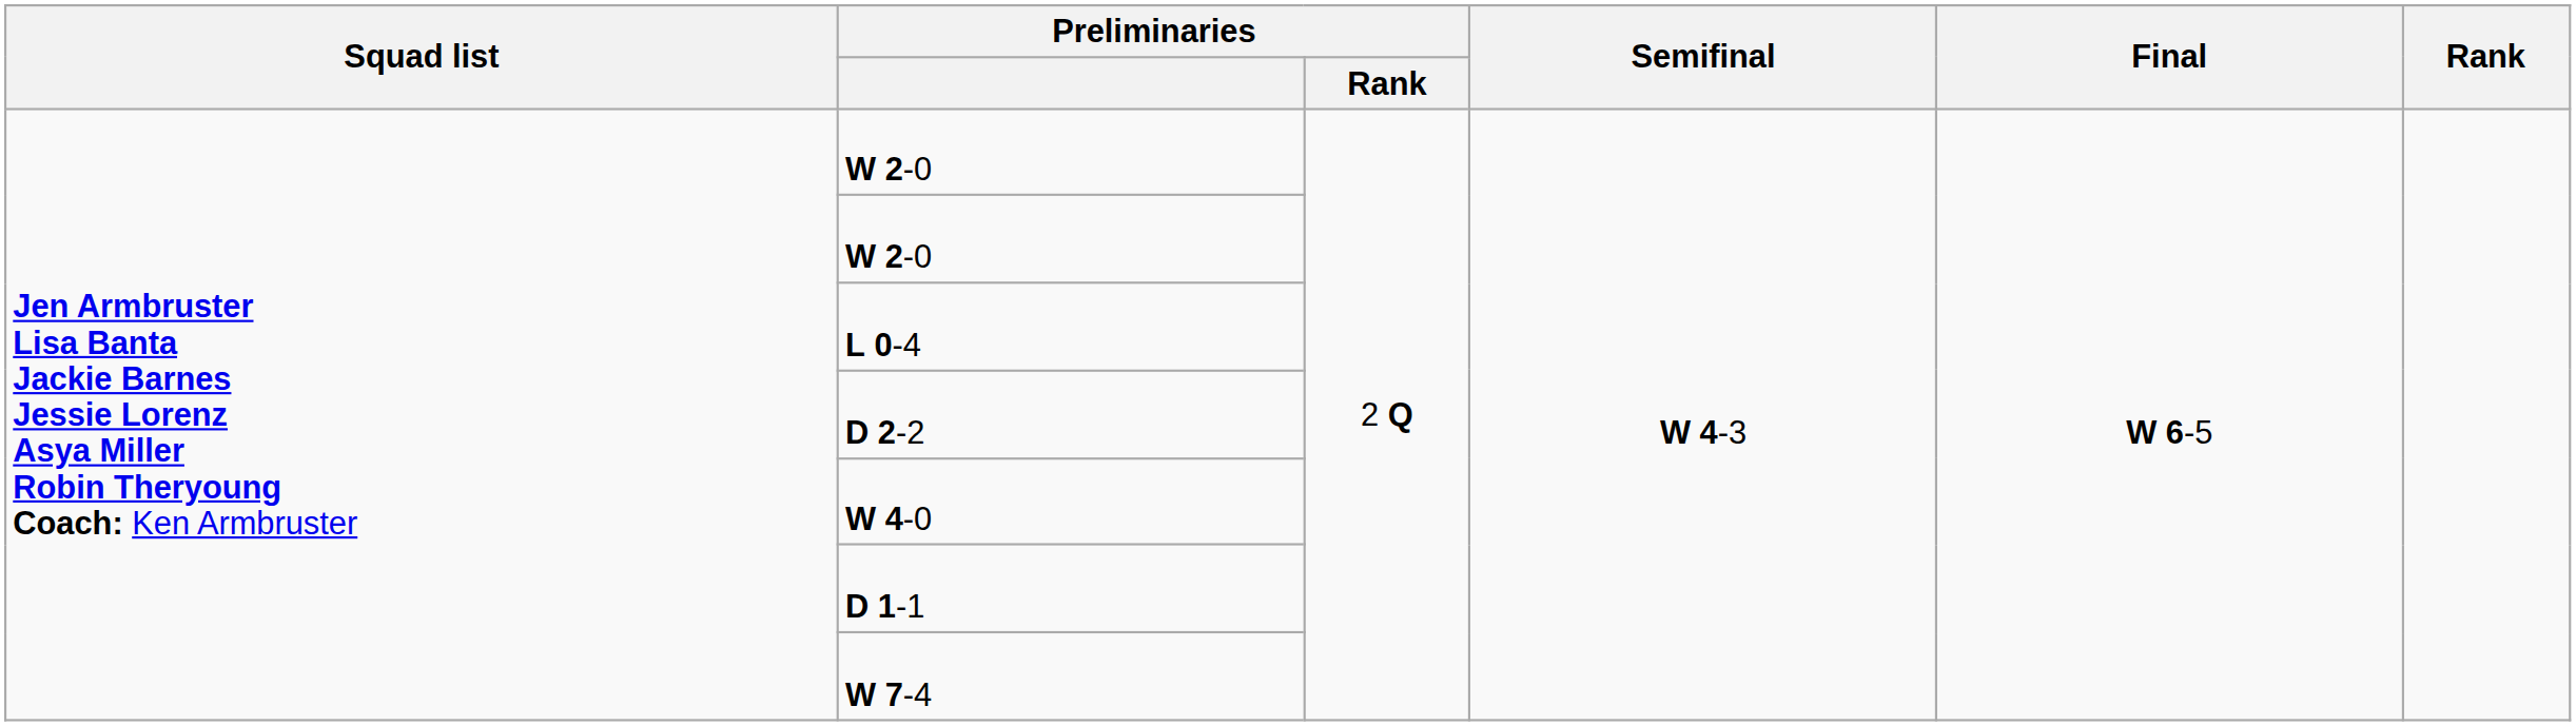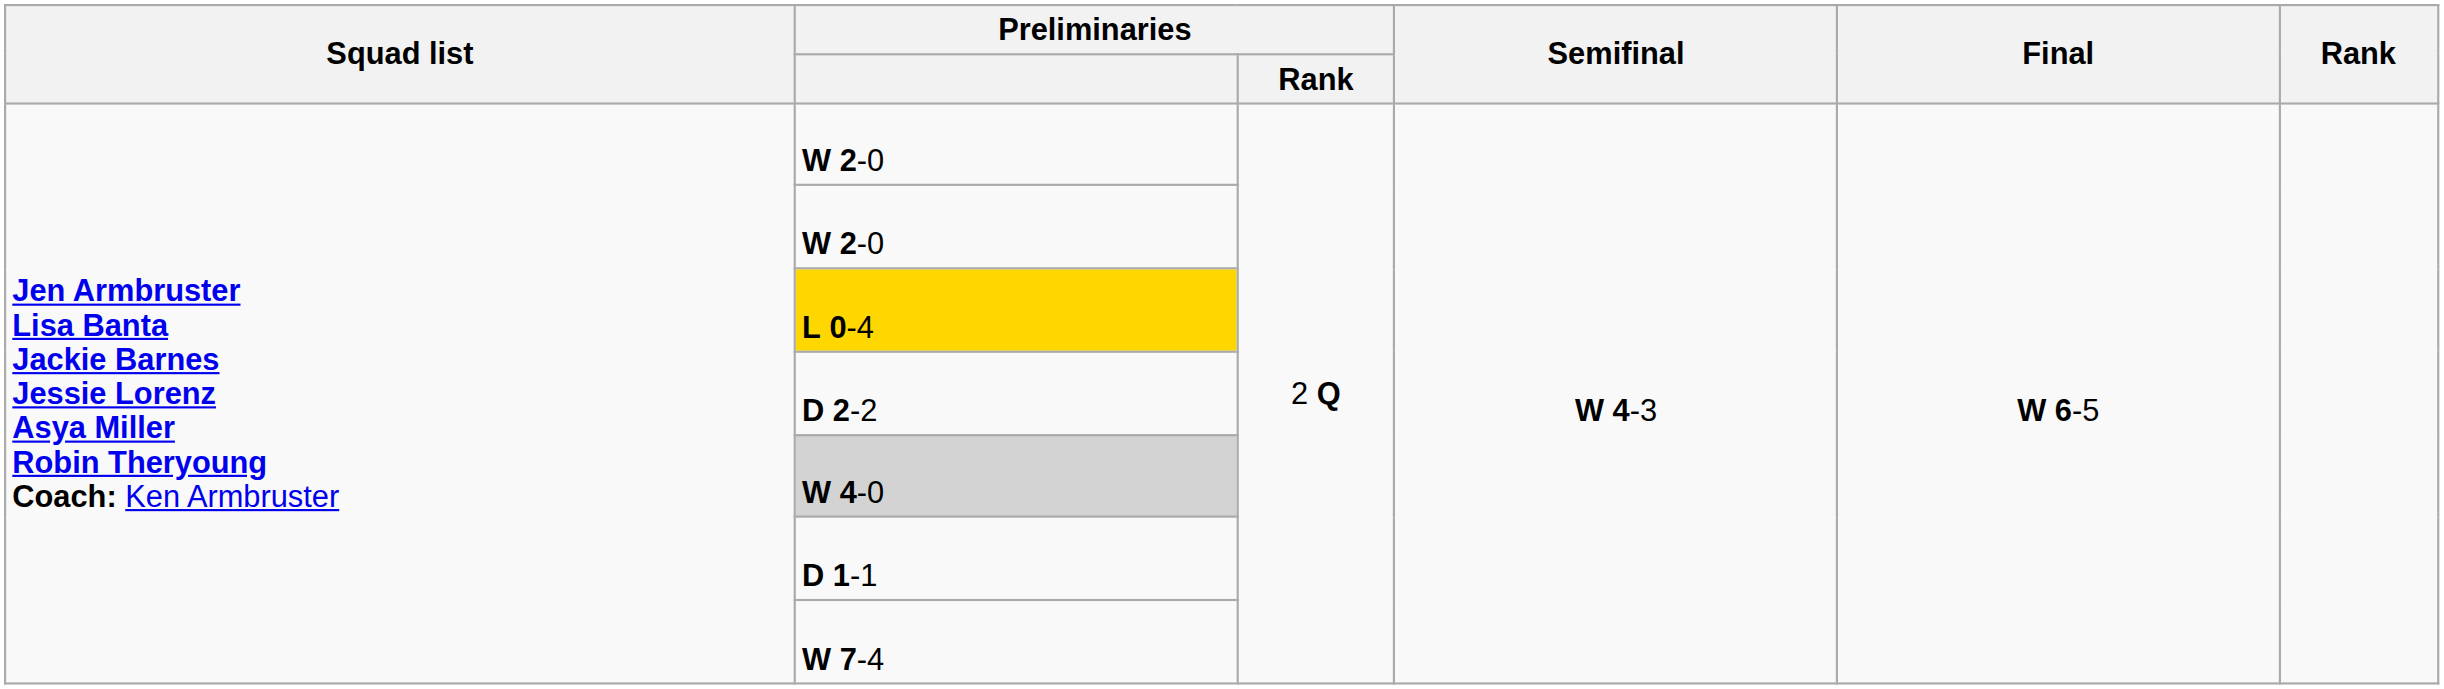 <table class="wikitable" width="90%" style="text-align:left; font-size:90%">
 <tr>
 <th rowspan="2" width="25%">Squad list</th>
 <th colspan="2">Preliminaries</th>
 <th rowspan="2" width="14%">Semifinal</th>
 <th rowspan="2" width="14%">Final</th>
 <th rowspan="2" width="5%">Rank</th>
 </tr>
 <tr>
 <th width="14%"></th>
 <th width="5%">Rank</th>
 </tr>
 <tr>
 <td rowspan="7"><strong><a href='#'>Jen Armbruster</a><br><a href='#'>Lisa Banta</a><br><a href='#'>Jackie Barnes</a><br><a href='#'>Jessie Lorenz</a><br><a href='#'>Asya Miller</a><br><a href='#'>Robin Theryoung</a></strong><br> <strong>Coach:</strong> <a href='#'>Ken Armbruster</a></td>
 <td><br><strong>W</strong> <strong>2</strong>-0</td>
 <td rowspan="7" align=center>2 <strong>Q</strong></td>
 <td rowspan="7" align=center><br><strong>W</strong> <strong>4</strong>-3</td>
 <td rowspan="7" align=center><br><strong>W</strong> <strong>6</strong>-5</td>
 <td rowspan="7" align=center></td>
 </tr>
 <tr>
 <td><br><strong>W</strong> <strong>2</strong>-0</td>
 </tr>
 <tr>
-<td><br><strong>L</strong> <strong>0</strong>-4</td>
+<td style="background: gold;"><br><strong>L</strong> <strong>0</strong>-4</td>
 </tr>
 <tr>
 <td><br><strong>D</strong> <strong>2</strong>-2</td>
 </tr>
 <tr>
-<td><br><strong>W</strong> <strong>4</strong>-0</td>
+<td style="background: lightgrey;"><br><strong>W</strong> <strong>4</strong>-0</td>
 </tr>
 <tr>
 <td><br><strong>D</strong> <strong>1</strong>-1</td>
 </tr>
 <tr>
 <td><br><strong>W</strong> <strong>7</strong>-4</td>
 </tr>
 </table>
